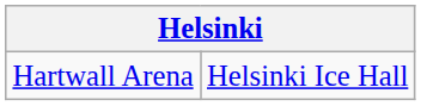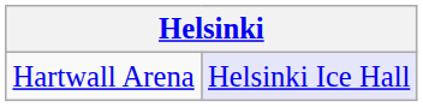 <table class="wikitable" style="text-align:center;">
 <tr>
 <th colspan="2"><strong><a href='#'>Helsinki</a></strong></th>
 </tr>
 <tr>
 <td><a href='#'>Hartwall Arena</a></td>
-<td><a href='#'>Helsinki Ice Hall</a></td>
+<td style="background: lavender;"><a href='#'>Helsinki Ice Hall</a></td>
 </tr>
 </table>
